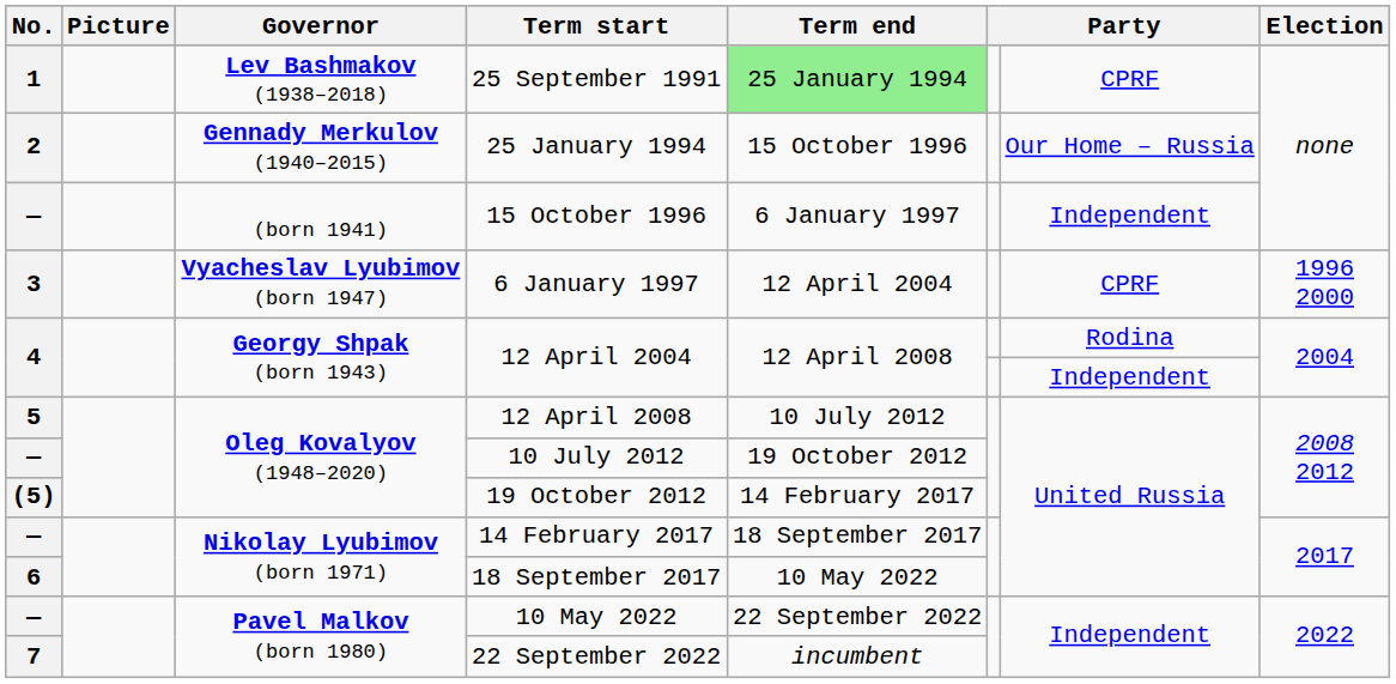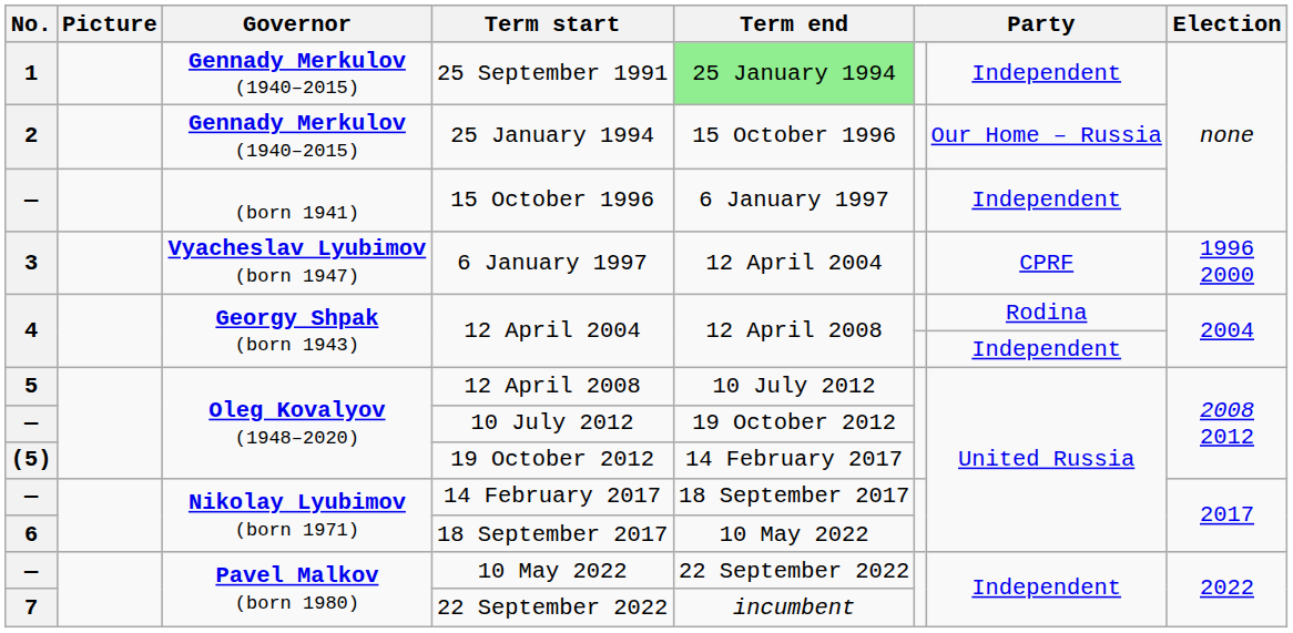 <table class="wikitable" style="text-align:center">
 <tr style="background:#cccccc" bgcolor=#E6E6AA>
 <th>No.</th>
 <th>Picture</th>
 <th>Governor</th>
 <th>Term start</th>
 <th>Term end</th>
 <th colspan="2">Party</th>
 <th>Election</th>
 </tr>
 <tr>
 <th>1</th>
 <td></td>
-<td><strong><a href='#'>Lev Bashmakov</a></strong><br><small>(1938–2018)</small></td>
+<td><strong><a href='#'>Gennady Merkulov</a></strong><br><small>(1940–2015)</small></td>
 <td>25 September 1991</td>
 <td style="background: lightgreen;">25 January 1994</td>
 <td style="background: "></td>
-<td><a href='#'>CPRF</a></td>
+<td><a href='#'>Independent</a></td>
 <td rowspan=3><em>none</em></td>
 </tr>
 <tr>
 <th>2</th>
 <td></td>
 <td><strong><a href='#'>Gennady Merkulov</a></strong><br><small>(1940–2015)</small></td>
 <td>25 January 1994</td>
 <td>15 October 1996</td>
 <td style="background: "></td>
 <td><a href='#'>Our Home – Russia</a></td>
 </tr>
 <tr>
 <th>—</th>
 <td></td>
 <td><strong></strong><br><small>(born 1941)</small></td>
 <td>15 October 1996</td>
 <td>6 January 1997</td>
 <td style="background: "></td>
 <td><a href='#'>Independent</a></td>
 </tr>
 <tr>
 <th>3</th>
 <td></td>
 <td><strong><a href='#'>Vyacheslav Lyubimov</a></strong><br><small>(born 1947)</small></td>
 <td>6 January 1997</td>
 <td>12 April 2004</td>
 <td style="background: "></td>
 <td><a href='#'>CPRF</a></td>
 <td><a href='#'>1996</a><br><a href='#'>2000</a></td>
 </tr>
 <tr>
 <th rowspan=2>4</th>
 <td rowspan=2></td>
 <td rowspan=2><strong><a href='#'>Georgy Shpak</a></strong><br><small>(born 1943)</small></td>
 <td rowspan=2>12 April 2004</td>
 <td rowspan=2>12 April 2008</td>
 <td style="background: "></td>
 <td><a href='#'>Rodina</a></td>
 <td rowspan=2><a href='#'>2004</a></td>
 </tr>
 <tr>
 <td style="background: "></td>
 <td><a href='#'>Independent</a></td>
 </tr>
 <tr>
 <th>5</th>
 <td rowspan=3></td>
 <td rowspan=3><strong><a href='#'>Oleg Kovalyov</a></strong><br><small>(1948–2020)</small></td>
 <td>12 April 2008</td>
 <td>10 July 2012</td>
 <td rowspan=3; style="background: "></td>
 <td rowspan=5><a href='#'>United Russia</a></td>
 <td rowspan=3><em><a href='#'>2008</a></em><br><a href='#'>2012</a></td>
 </tr>
 <tr>
 <th>—</th>
 <td>10 July 2012</td>
 <td>19 October 2012</td>
 </tr>
 <tr>
 <th>(5)</th>
 <td>19 October 2012</td>
 <td>14 February 2017</td>
 </tr>
 <tr>
 <th>—</th>
 <td rowspan=2></td>
 <td rowspan=2><strong><a href='#'>Nikolay Lyubimov</a></strong><br><small>(born 1971)</small></td>
 <td>14 February 2017</td>
 <td>18 September 2017</td>
 <td rowspan=2; style="background: "></td>
 <td rowspan=2><a href='#'>2017</a></td>
 </tr>
 <tr>
 <th>6</th>
 <td>18 September 2017</td>
 <td>10 May 2022</td>
 </tr>
 <tr>
 <th>—</th>
 <td rowspan=2></td>
 <td rowspan=2><strong><a href='#'>Pavel Malkov</a></strong><br><small>(born 1980)</small></td>
 <td>10 May 2022</td>
 <td>22 September 2022</td>
 <td rowspan=2; style="background: "></td>
 <td rowspan=2><a href='#'>Independent</a></td>
 <td rowspan=2><a href='#'>2022</a></td>
 </tr>
 <tr>
 <th>7</th>
 <td>22 September 2022</td>
 <td><em>incumbent</em></td>
 </tr>
 </table>
